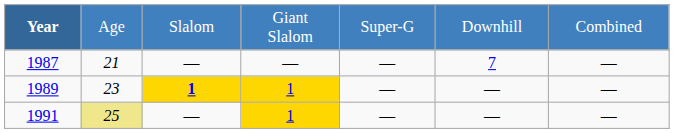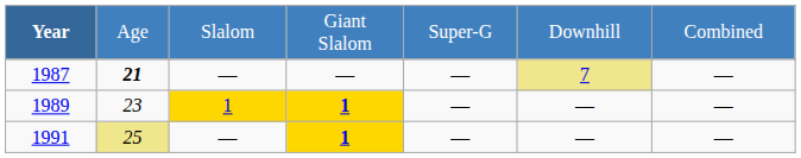 <table class="wikitable" style="font-size:95%; text-align:center; border:grey solid 1px; border-collapse:collapse;" width="40%">
 <tr style="background-color:#369; color:white;">
 <td rowspan="2" colspan="1" width="4%"><strong>Year</strong></td>
 </tr>
 <tr style="background-color:#4180be; color:white;">
 <td width="3%">Age</td>
 <td width="5%">Slalom</td>
 <td width="5%">Giant<br>Slalom</td>
 <td width="5%">Super-G</td>
 <td width="5%">Downhill</td>
 <td width="5%">Combined</td>
 </tr>
 <tr style="background-color:#8CB2D8; color:white;">
 </tr>
 <tr>
 <td><a href='#'>1987</a></td>
-<td><em>21</em></td>
+<td><strong><em>21</em></strong></td>
 <td>—</td>
 <td>—</td>
 <td>—</td>
-<td><a href='#'>7</a></td>
+<td style="background: khaki;"><a href='#'>7</a></td>
 <td>—</td>
 </tr>
 <tr>
 <td><a href='#'>1989</a></td>
 <td><em>23</em></td>
+<td bgcolor=gold><a href='#'>1</a></td>
 <td bgcolor=gold><strong><a href='#'>1</a></strong></td>
-<td bgcolor=gold><a href='#'>1</a></td>
 <td>—</td>
 <td>—</td>
 <td>—</td>
 </tr>
 <tr>
 <td><a href='#'>1991</a></td>
 <td style="background: khaki;"><em>25</em></td>
 <td>—</td>
-<td bgcolor=gold><a href='#'>1</a></td>
+<td bgcolor=gold><strong><a href='#'>1</a></strong></td>
 <td>—</td>
 <td>—</td>
 <td>—</td>
 </tr>
 </table>
